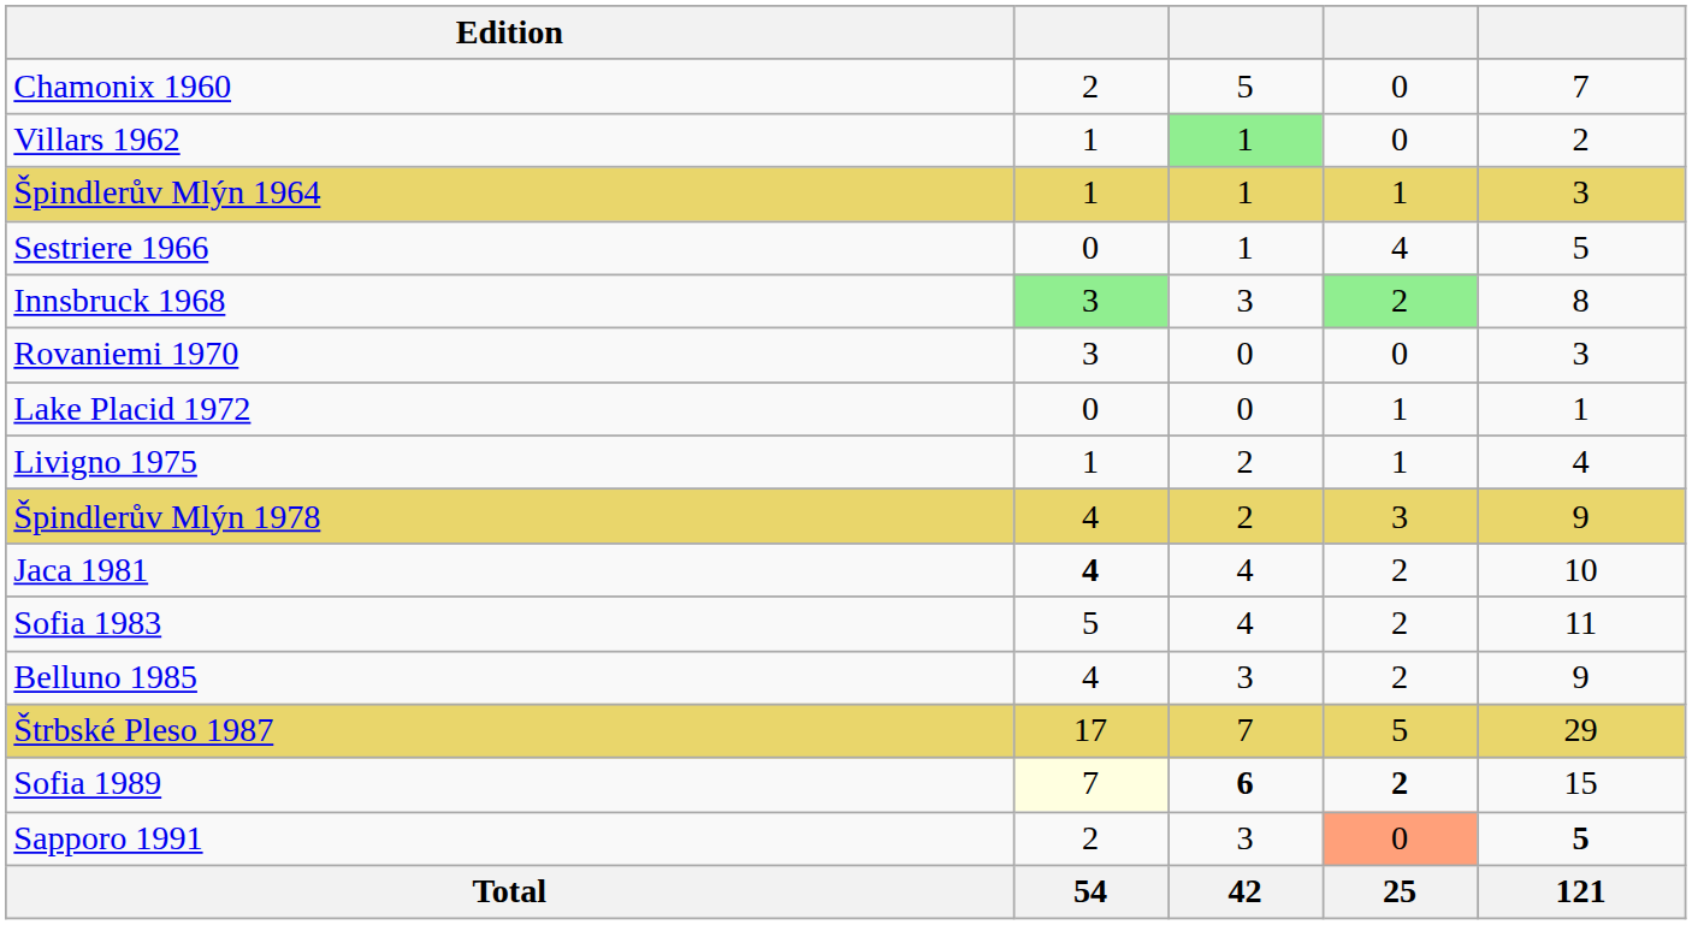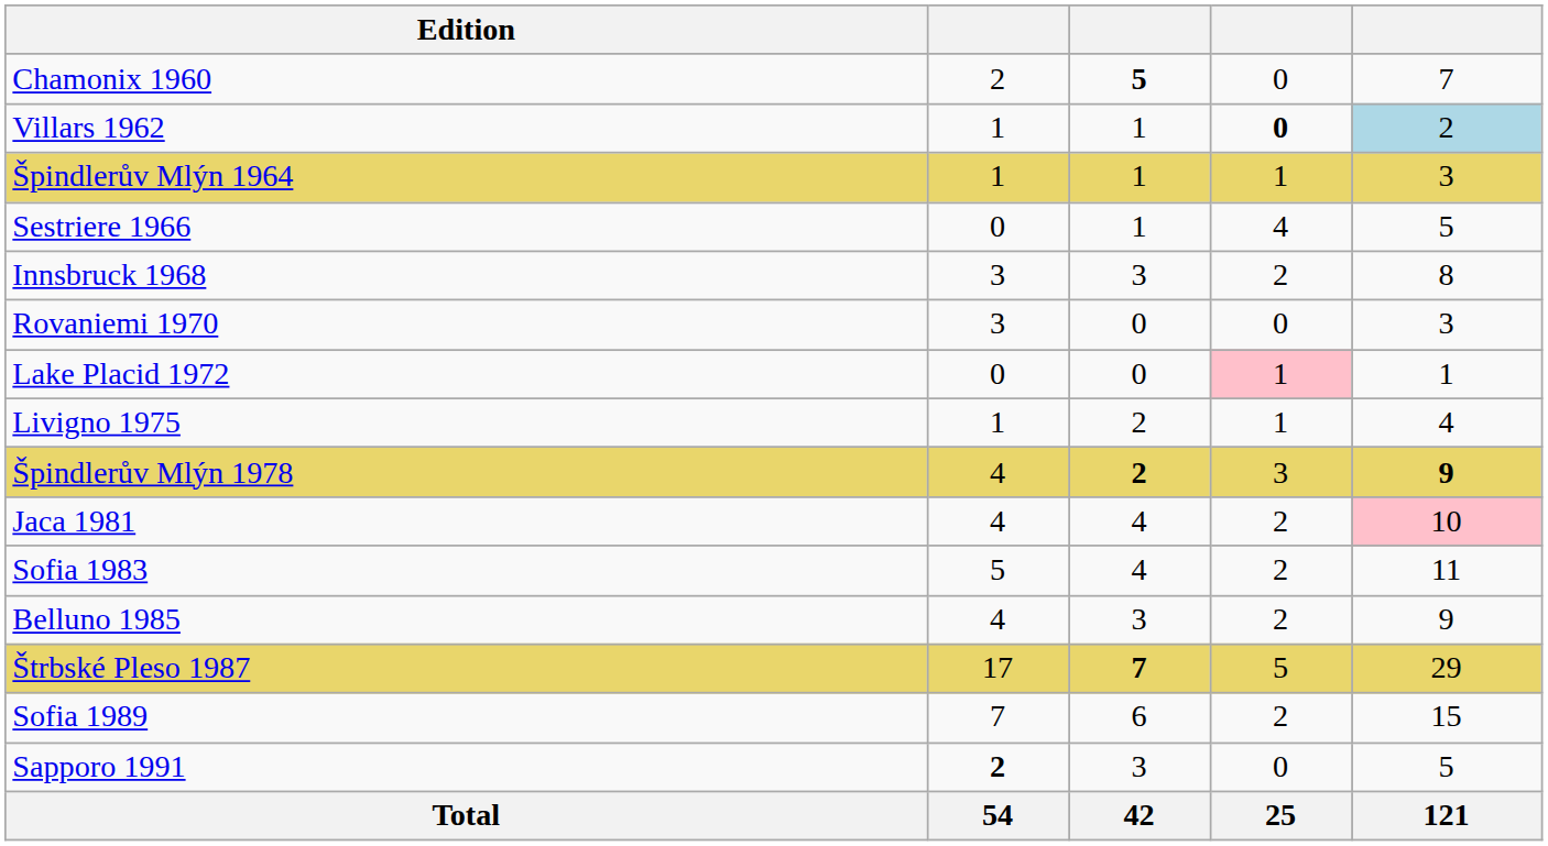 <table class="wikitable" width="40%" style="font-size:100%; text-align:center;">
 <tr>
 <th>Edition</th>
 <th></th>
 <th></th>
 <th></th>
 <th></th>
 </tr>
 <tr>
 <td align="left"> <a href='#'>Chamonix 1960</a></td>
 <td>2</td>
-<td>5</td>
+<td><strong>5</strong></td>
 <td>0</td>
 <td>7</td>
 </tr>
 <tr>
 <td align="left"> <a href='#'>Villars 1962</a></td>
 <td>1</td>
-<td style="background: lightgreen;">1</td>
-<td>0</td>
-<td>2</td>
+<td>1</td>
+<td><strong>0</strong></td>
+<td style="background: lightblue;">2</td>
 </tr>
 <tr bgcolor="#E9D66B">
 <td align="left"> <a href='#'>Špindlerův Mlýn 1964</a></td>
 <td>1</td>
 <td>1</td>
 <td>1</td>
 <td>3</td>
 </tr>
 <tr>
 <td align="left"> <a href='#'>Sestriere 1966</a></td>
 <td>0</td>
 <td>1</td>
 <td>4</td>
 <td>5</td>
 </tr>
 <tr>
 <td align="left"> <a href='#'>Innsbruck 1968</a></td>
-<td style="background: lightgreen;">3</td>
 <td>3</td>
-<td style="background: lightgreen;">2</td>
+<td>3</td>
+<td>2</td>
 <td>8</td>
 </tr>
 <tr>
 <td align="left"> <a href='#'>Rovaniemi 1970</a></td>
 <td>3</td>
 <td>0</td>
 <td>0</td>
 <td>3</td>
 </tr>
 <tr>
 <td align="left"> <a href='#'>Lake Placid 1972</a></td>
 <td>0</td>
 <td>0</td>
-<td>1</td>
+<td style="background: pink;">1</td>
 <td>1</td>
 </tr>
 <tr>
 <td align="left"> <a href='#'>Livigno 1975</a></td>
 <td>1</td>
 <td>2</td>
 <td>1</td>
 <td>4</td>
 </tr>
 <tr bgcolor="#E9D66B">
 <td align="left"> <a href='#'>Špindlerův Mlýn 1978</a></td>
 <td>4</td>
-<td>2</td>
+<td><strong>2</strong></td>
 <td>3</td>
-<td>9</td>
+<td><strong>9</strong></td>
 </tr>
 <tr>
 <td align="left"> <a href='#'>Jaca 1981</a></td>
-<td><strong>4</strong></td>
+<td>4</td>
 <td>4</td>
 <td>2</td>
-<td>10</td>
+<td style="background: pink;">10</td>
 </tr>
 <tr>
 <td align="left"> <a href='#'>Sofia 1983</a></td>
 <td>5</td>
 <td>4</td>
 <td>2</td>
 <td>11</td>
 </tr>
 <tr>
 <td align="left"> <a href='#'>Belluno 1985</a></td>
 <td>4</td>
 <td>3</td>
 <td>2</td>
 <td>9</td>
 </tr>
 <tr bgcolor="#E9D66B">
 <td align="left"> <a href='#'>Štrbské Pleso 1987</a></td>
 <td>17</td>
-<td>7</td>
+<td><strong>7</strong></td>
 <td>5</td>
 <td>29</td>
 </tr>
 <tr>
 <td align="left"> <a href='#'>Sofia 1989</a></td>
-<td style="background: lightyellow;">7</td>
-<td><strong>6</strong></td>
-<td><strong>2</strong></td>
+<td>7</td>
+<td>6</td>
+<td>2</td>
 <td>15</td>
 </tr>
 <tr>
 <td align="left"> <a href='#'>Sapporo 1991</a></td>
-<td>2</td>
+<td><strong>2</strong></td>
 <td>3</td>
-<td style="background: lightsalmon;">0</td>
-<td><strong>5</strong></td>
+<td>0</td>
+<td>5</td>
 </tr>
 <tr>
 <th>Total</th>
 <th>54</th>
 <th>42</th>
 <th>25</th>
 <th>121</th>
 </tr>
 </table>
